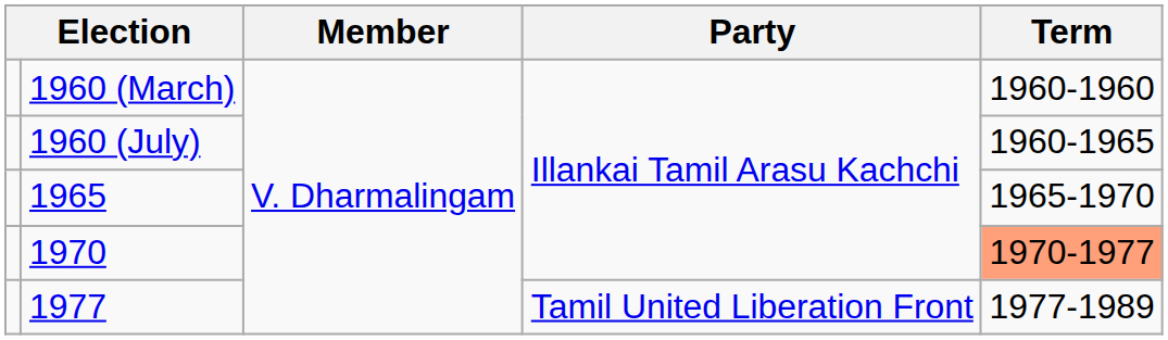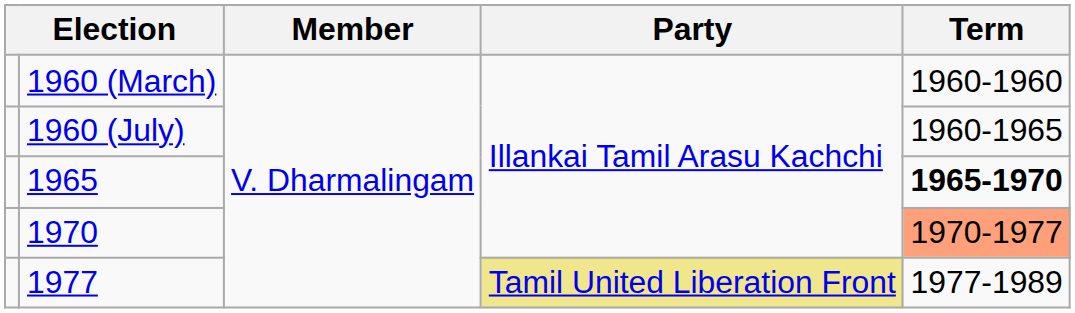 <table class="wikitable">
 <tr>
 <th colspan="2">Election</th>
 <th>Member</th>
 <th>Party</th>
 <th>Term</th>
 </tr>
 <tr>
 <td style="background-color: "></td>
 <td><a href='#'>1960 (March)</a></td>
 <td rowspan ="5"><a href='#'>V. Dharmalingam</a></td>
 <td rowspan ="4"><a href='#'>Illankai Tamil Arasu Kachchi</a></td>
 <td>1960-1960</td>
 </tr>
 <tr>
 <td style="background-color: "></td>
 <td><a href='#'>1960 (July)</a></td>
 <td>1960-1965</td>
 </tr>
 <tr>
 <td style="background-color: "></td>
 <td><a href='#'>1965</a></td>
-<td>1965-1970</td>
+<td><strong>1965-1970</strong></td>
 </tr>
 <tr>
 <td style="background-color: "></td>
 <td><a href='#'>1970</a></td>
 <td style="background: lightsalmon;">1970-1977</td>
 </tr>
 <tr>
 <td style="background-color: "></td>
 <td><a href='#'>1977</a></td>
-<td><a href='#'>Tamil United Liberation Front</a></td>
+<td style="background: khaki;"><a href='#'>Tamil United Liberation Front</a></td>
 <td>1977-1989</td>
 </tr>
 </table>
